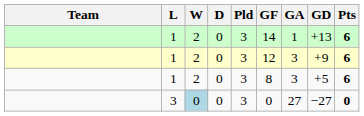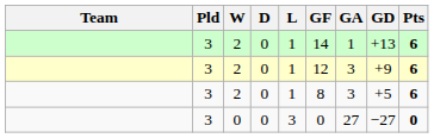 <table class="wikitable" style="text-align:center;">
 <tr>
 <th width=180>Team</th>
-<th width=20>L</th>
+<th width=20>Pld</th>
 <th width=20>W</th>
 <th width=20>D</th>
-<th width=20>Pld</th>
+<th width=20>L</th>
 <th width=20>GF</th>
 <th width=20>GA</th>
 <th width=20>GD</th>
 <th width=20>Pts</th>
 </tr>
 <tr style="background:#cfc;">
 <td align="left"></td>
-<td>1</td>
+<td>3</td>
 <td>2</td>
 <td>0</td>
-<td>3</td>
+<td>1</td>
 <td>14</td>
 <td>1</td>
 <td>+13</td>
 <td><strong>6</strong></td>
 </tr>
 <tr style="background:#ffc;">
 <td align="left"><em></em></td>
-<td>1</td>
+<td>3</td>
 <td>2</td>
 <td>0</td>
-<td>3</td>
+<td>1</td>
 <td>12</td>
 <td>3</td>
 <td>+9</td>
 <td><strong>6</strong></td>
 </tr>
 <tr>
 <td align="left"></td>
-<td>1</td>
+<td>3</td>
 <td>2</td>
 <td>0</td>
-<td>3</td>
+<td>1</td>
 <td>8</td>
 <td>3</td>
 <td>+5</td>
 <td><strong>6</strong></td>
 </tr>
 <tr>
 <td align="left"></td>
 <td>3</td>
-<td style="background: lightblue;">0</td>
+<td>0</td>
 <td>0</td>
 <td>3</td>
 <td>0</td>
 <td>27</td>
 <td>−27</td>
 <td><strong>0</strong></td>
 </tr>
 </table>
